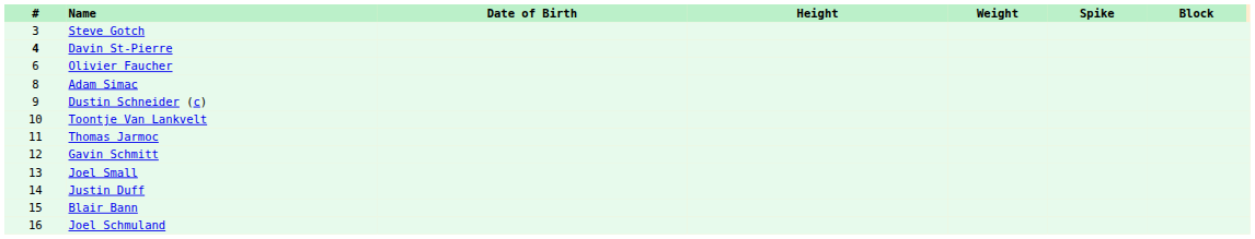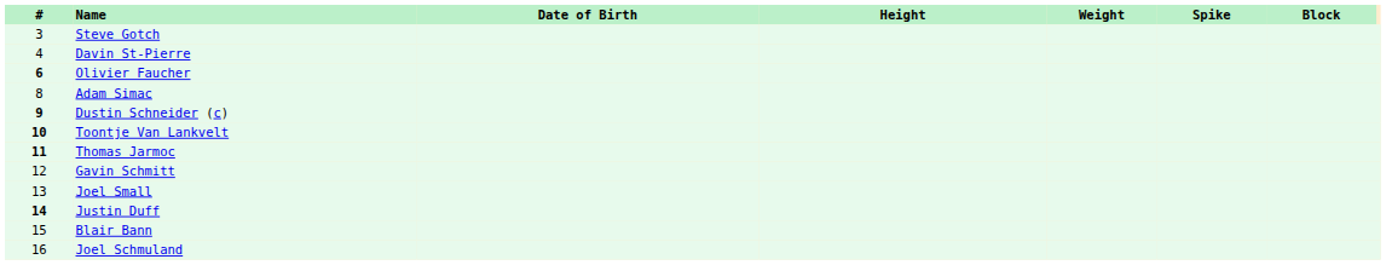 <table border=0 cellpadding=2 cellspacing=0  |- bgcolor=#FFECCE style="text-align:center; font-size:90%;" width=100%>
 <tr bgcolor=#BBF0C9>
 <th width=5%>#</th>
 <th width=25% align=left>Name</th>
 <th width=25%>Date of Birth</th>
 <th width=21%>Height</th>
 <th width=8%>Weight</th>
 <th width=8%>Spike</th>
 <th width=8%>Block</th>
 </tr>
 <tr bgcolor=#E7FAEC>
 <td>3</td>
 <td align=left><a href='#'>Steve Gotch</a></td>
 <td></td>
 <td></td>
 <td></td>
 <td></td>
 <td></td>
 <td></td>
 </tr>
 <tr bgcolor=#E7FAEC>
-<td><strong>4</strong></td>
+<td>4</td>
 <td align=left><a href='#'>Davin St-Pierre</a></td>
 <td></td>
 <td></td>
 <td></td>
 <td></td>
 <td></td>
 <td></td>
 </tr>
 <tr bgcolor=#E7FAEC>
-<td>6</td>
+<td><strong>6</strong></td>
 <td align=left><a href='#'>Olivier Faucher</a></td>
 <td></td>
 <td></td>
 <td></td>
 <td></td>
 <td></td>
 <td></td>
 </tr>
 <tr bgcolor=#E7FAEC>
 <td>8</td>
 <td align=left><a href='#'>Adam Simac</a></td>
 <td></td>
 <td></td>
 <td></td>
 <td></td>
 <td></td>
 <td></td>
 </tr>
 <tr bgcolor=#E7FAEC>
-<td>9</td>
+<td><strong>9</strong></td>
 <td align=left><a href='#'>Dustin Schneider</a> (<a href='#'>c</a>)</td>
 <td></td>
 <td></td>
 <td></td>
 <td></td>
 <td></td>
 <td></td>
 </tr>
 <tr bgcolor=#E7FAEC>
-<td>10</td>
+<td><strong>10</strong></td>
 <td align=left><a href='#'>Toontje Van Lankvelt</a></td>
 <td></td>
 <td></td>
 <td></td>
 <td></td>
 <td></td>
 <td></td>
 </tr>
 <tr bgcolor=#E7FAEC>
-<td>11</td>
+<td><strong>11</strong></td>
 <td align=left><a href='#'>Thomas Jarmoc</a></td>
 <td></td>
 <td></td>
 <td></td>
 <td></td>
 <td></td>
 <td></td>
 </tr>
 <tr bgcolor=#E7FAEC>
 <td>12</td>
 <td align=left><a href='#'>Gavin Schmitt</a></td>
 <td></td>
 <td></td>
 <td></td>
 <td></td>
 <td></td>
 <td></td>
 </tr>
 <tr bgcolor=#E7FAEC>
 <td>13</td>
 <td align=left><a href='#'>Joel Small</a></td>
 <td></td>
 <td></td>
 <td></td>
 <td></td>
 <td></td>
 <td></td>
 </tr>
 <tr bgcolor=#E7FAEC>
-<td>14</td>
+<td><strong>14</strong></td>
 <td align=left><a href='#'>Justin Duff</a></td>
 <td></td>
 <td></td>
 <td></td>
 <td></td>
 <td></td>
 <td></td>
 </tr>
 <tr bgcolor=#E7FAEC>
 <td>15</td>
 <td align=left><a href='#'>Blair Bann</a></td>
 <td></td>
 <td></td>
 <td></td>
 <td></td>
 <td></td>
 <td></td>
 </tr>
 <tr bgcolor=#E7FAEC>
 <td>16</td>
 <td align=left><a href='#'>Joel Schmuland</a></td>
 <td></td>
 <td></td>
 <td></td>
 <td></td>
 <td></td>
 <td></td>
 </tr>
 </table>
